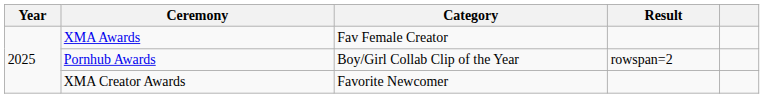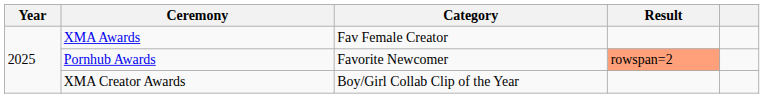 <table class="wikitable">
 <tr>
 <th width=4%>Year</th>
 <th style="width:21%;">Ceremony</th>
 <th style="width:21%;">Category</th>
 <th style="width:8%;">Result</th>
 <th width=3%></th>
 </tr>
 <tr>
 <td rowspan=3>2025</td>
 <td><a href='#'>XMA Awards</a></td>
 <td>Fav Female Creator</td>
 <td></td>
 <td style="text-align:center;"></td>
 </tr>
 <tr>
 <td><a href='#'>Pornhub Awards</a></td>
-<td>Boy/Girl Collab Clip of the Year </td>
-<td>rowspan=2 </td>
+<td>Favorite Newcomer</td>
+<td style="background: lightsalmon;">rowspan=2 </td>
 <td style="text-align:center;"></td>
 </tr>
 <tr>
 <td>XMA Creator Awards</td>
-<td>Favorite Newcomer</td>
+<td>Boy/Girl Collab Clip of the Year </td>
 <td style="text-align:center;"></td>
 </tr>
 </table>
